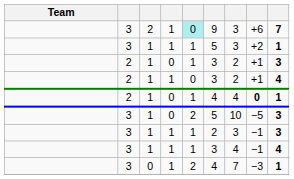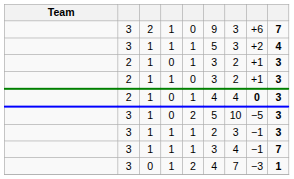 <table class=wikitable style="text-align:center">
 <tr>
 <th width=165>Team</th>
 <th width=25></th>
 <th width=25></th>
 <th width=25></th>
 <th width=25></th>
 <th width=25></th>
 <th width=25></th>
 <th width=25></th>
 <th width=25></th>
 </tr>
 <tr>
 <td align=left></td>
 <td>3</td>
 <td>2</td>
 <td>1</td>
-<td style="background: paleturquoise;">0</td>
+<td>0</td>
 <td>9</td>
 <td>3</td>
 <td>+6</td>
 <td><strong>7</strong></td>
 </tr>
 <tr>
 <td align=left></td>
 <td>3</td>
 <td>1</td>
 <td>1</td>
 <td>1</td>
 <td>5</td>
 <td>3</td>
 <td>+2</td>
-<td><strong>1</strong></td>
+<td><strong>4</strong></td>
 </tr>
 <tr>
 <td align=left></td>
 <td>2</td>
 <td>1</td>
 <td>0</td>
 <td>1</td>
 <td>3</td>
 <td>2</td>
 <td>+1</td>
 <td><strong>3</strong></td>
 </tr>
 <tr style="border-bottom:3px solid green;">
 <td align=left></td>
 <td>2</td>
 <td>1</td>
 <td>1</td>
 <td>0</td>
 <td>3</td>
 <td>2</td>
 <td>+1</td>
-<td><strong>4</strong></td>
+<td><strong>3</strong></td>
 </tr>
 <tr style="border-bottom:3px solid blue;">
 <td align=left></td>
 <td>2</td>
 <td>1</td>
 <td>0</td>
 <td>1</td>
 <td>4</td>
 <td>4</td>
 <td><strong>0</strong></td>
-<td><strong>1</strong></td>
+<td><strong>3</strong></td>
 </tr>
 <tr>
 <td align=left></td>
 <td>3</td>
 <td>1</td>
 <td>0</td>
 <td>2</td>
 <td>5</td>
 <td>10</td>
 <td>−5</td>
 <td><strong>3</strong></td>
 </tr>
 <tr>
 <td align=left></td>
 <td>3</td>
 <td>1</td>
 <td>1</td>
 <td>1</td>
 <td>2</td>
 <td>3</td>
 <td>−1</td>
 <td><strong>3</strong></td>
 </tr>
 <tr>
 <td align=left></td>
 <td>3</td>
 <td>1</td>
 <td>1</td>
 <td>1</td>
 <td>3</td>
 <td>4</td>
 <td>−1</td>
-<td><strong>4</strong></td>
+<td><strong>7</strong></td>
 </tr>
 <tr>
 <td align=left></td>
 <td>3</td>
 <td>0</td>
 <td>1</td>
 <td>2</td>
 <td>4</td>
 <td>7</td>
 <td>−3</td>
 <td><strong>1</strong></td>
 </tr>
 <tr>
 </tr>
 </table>
